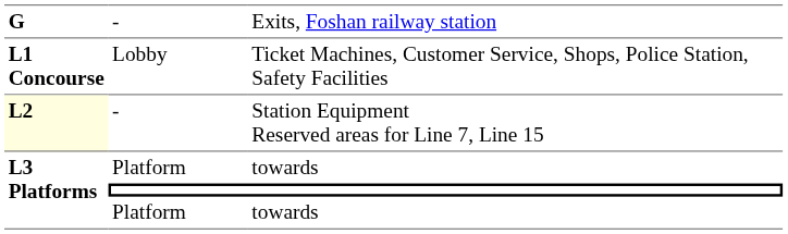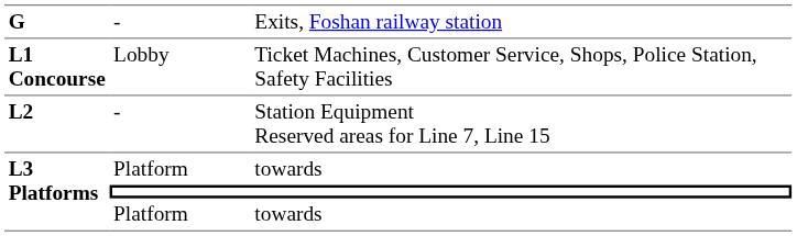 <table border=0 cellspacing=0 cellpadding=3>
 <tr>
 <td style="border-top:solid 1px gray;" width=50 valign=top><strong>G</strong></td>
 <td style="border-top:solid 1px gray;" width=100 valign=top>-</td>
 <td style="border-top:solid 1px gray;" width=400 valign=top>Exits, <a href='#'>Foshan railway station</a></td>
 </tr>
 <tr>
 <td style="border-bottom:solid 1px gray; border-top:solid 1px gray;" valign=top><strong>L1<br>Concourse</strong></td>
 <td style="border-bottom:solid 1px gray; border-top:solid 1px gray;" valign=top>Lobby</td>
 <td style="border-bottom:solid 1px gray; border-top:solid 1px gray;" valign=top>Ticket Machines, Customer Service, Shops, Police Station, Safety Facilities</td>
 </tr>
 <tr>
-<td style="background: lightyellow; border-bottom:solid 1px gray;" valign=top><strong>L2</strong></td>
+<td style="border-bottom:solid 1px gray;" valign=top><strong>L2</strong></td>
 <td style="border-bottom:solid 1px gray;" valign=top>-</td>
 <td style="border-bottom:solid 1px gray;" valign=top>Station Equipment<br>Reserved areas for Line 7, Line 15</td>
 </tr>
 <tr>
 <td style="border-bottom:solid 1px gray;" rowspan=3 valign=top><strong>L3<br>Platforms</strong></td>
 <td>Platform </td>
 <td>  towards  </td>
 </tr>
 <tr>
 <td style="border-right:solid 2px black;border-left:solid 2px black;border-top:solid 2px black;border-bottom:solid 2px black;text-align:center;" colspan=2></td>
 </tr>
 <tr>
 <td style="border-bottom:solid 1px gray;">Platform </td>
 <td style="border-bottom:solid 1px gray;"> towards   </td>
 </tr>
 </table>
